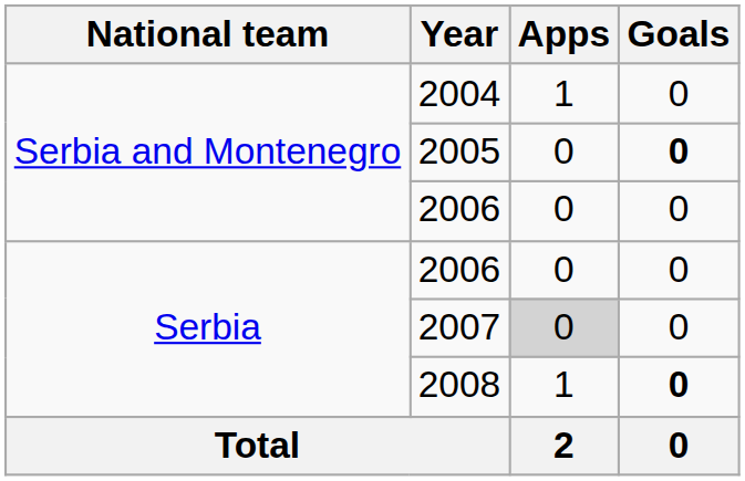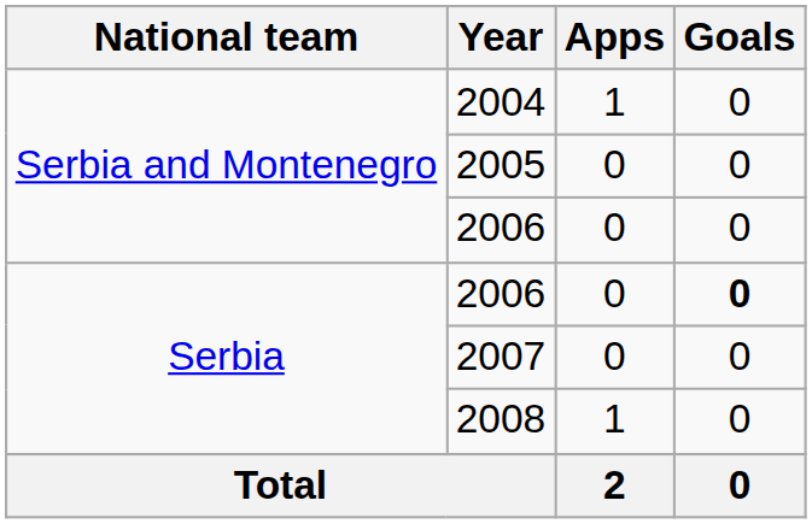 <table class="wikitable" style="text-align:center">
 <tr>
 <th>National team</th>
 <th>Year</th>
 <th>Apps</th>
 <th>Goals</th>
 </tr>
 <tr>
 <td rowspan="3"><a href='#'>Serbia and Montenegro</a></td>
 <td>2004</td>
 <td>1</td>
 <td>0</td>
 </tr>
 <tr>
 <td>2005</td>
 <td>0</td>
-<td><strong>0</strong></td>
+<td>0</td>
 </tr>
 <tr>
 <td>2006</td>
 <td>0</td>
 <td>0</td>
 </tr>
 <tr>
 <td rowspan="3"><a href='#'>Serbia</a></td>
 <td>2006</td>
 <td>0</td>
-<td>0</td>
+<td><strong>0</strong></td>
 </tr>
 <tr>
 <td>2007</td>
-<td style="background: lightgrey;">0</td>
+<td>0</td>
 <td>0</td>
 </tr>
 <tr>
 <td>2008</td>
 <td>1</td>
-<td><strong>0</strong></td>
+<td>0</td>
 </tr>
 <tr>
 <th colspan="2">Total</th>
 <th>2</th>
 <th>0</th>
 </tr>
 </table>
